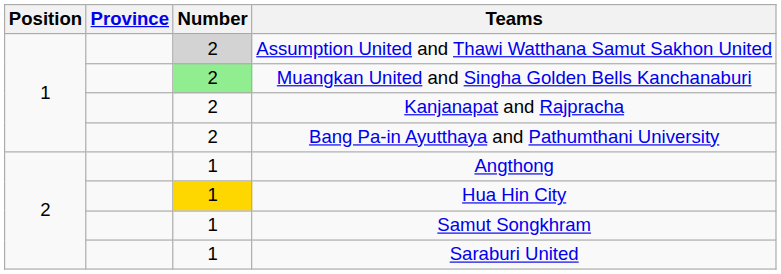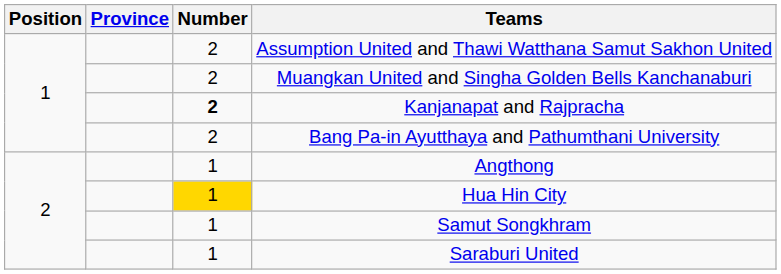 <table class="wikitable">
 <tr>
 <th>Position</th>
 <th><a href='#'>Province</a></th>
 <th>Number</th>
 <th>Teams</th>
 </tr>
 <tr>
 <td align=center rowspan="4">1</td>
 <td></td>
-<td align=center style="background: lightgrey;">2</td>
+<td align=center>2</td>
 <td align=center><a href='#'>Assumption United</a> and <a href='#'>Thawi Watthana Samut Sakhon United</a></td>
 </tr>
 <tr>
 <td></td>
-<td align=center style="background: lightgreen;">2</td>
+<td align=center>2</td>
 <td align=center><a href='#'>Muangkan United</a> and <a href='#'>Singha Golden Bells Kanchanaburi</a></td>
 </tr>
 <tr>
 <td></td>
-<td align=center>2</td>
+<td align=center><strong>2</strong></td>
 <td align=center><a href='#'>Kanjanapat</a> and <a href='#'>Rajpracha</a></td>
 </tr>
 <tr>
 <td></td>
 <td align=center>2</td>
 <td align=center><a href='#'>Bang Pa-in Ayutthaya</a> and <a href='#'>Pathumthani University</a></td>
 </tr>
 <tr>
 <td align=center rowspan="4">2</td>
 <td></td>
 <td align=center>1</td>
 <td align=center><a href='#'>Angthong</a></td>
 </tr>
 <tr>
 <td></td>
 <td align=center style="background: gold;">1</td>
 <td align=center><a href='#'>Hua Hin City</a></td>
 </tr>
 <tr>
 <td></td>
 <td align=center>1</td>
 <td align=center><a href='#'>Samut Songkhram</a></td>
 </tr>
 <tr>
 <td></td>
 <td align=center>1</td>
 <td align=center><a href='#'>Saraburi United</a></td>
 </tr>
 </table>
